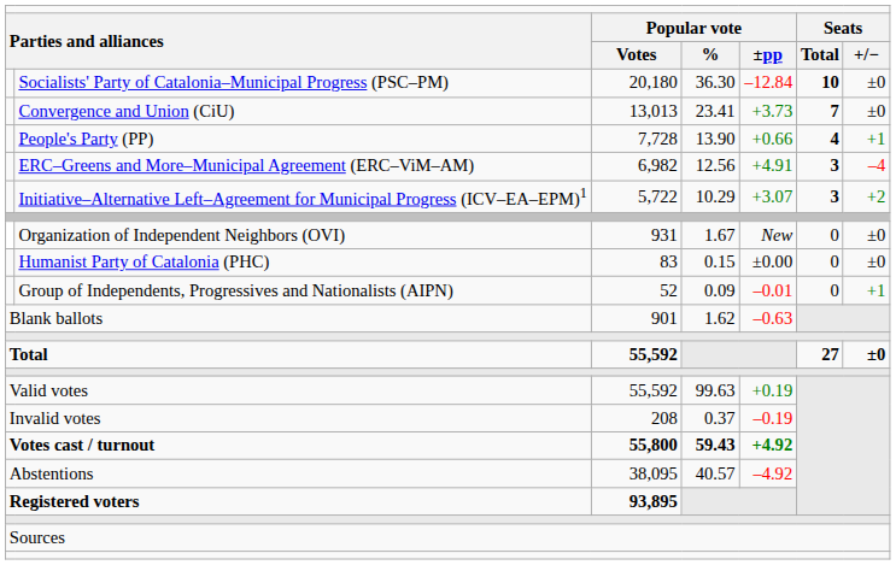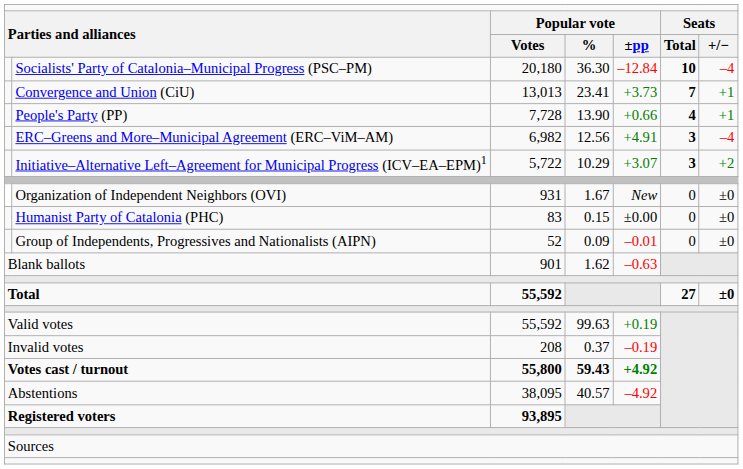 <table class="wikitable" style="text-align:right;">
 <tr>
 <td colspan="7"></td>
 </tr>
 <tr>
 <th style="text-align:left;" rowspan="2" colspan="2" width="525">Parties and alliances</th>
 <th colspan="3">Popular vote</th>
 <th colspan="2">Seats</th>
 </tr>
 <tr>
 <th width="75">Votes</th>
 <th width="45">%</th>
 <th width="45">±<a href='#'>pp</a></th>
 <th width="35">Total</th>
 <th width="35">+/−</th>
 </tr>
 <tr>
 <td width="1" style="color:inherit;background:"></td>
 <td align="left"><a href='#'>Socialists' Party of Catalonia–Municipal Progress</a> (PSC–PM)</td>
 <td>20,180</td>
 <td>36.30</td>
 <td style="color:red;">–12.84</td>
 <td><strong>10</strong></td>
-<td>±0</td>
+<td style="color:red;">–4</td>
 </tr>
 <tr>
 <td style="color:inherit;background:"></td>
 <td align="left"><a href='#'>Convergence and Union</a> (CiU)</td>
 <td>13,013</td>
 <td>23.41</td>
 <td style="color:green;">+3.73</td>
 <td><strong>7</strong></td>
-<td>±0</td>
+<td style="color:green;">+1</td>
 </tr>
 <tr>
 <td style="color:inherit;background:"></td>
 <td align="left"><a href='#'>People's Party</a> (PP)</td>
 <td>7,728</td>
 <td>13.90</td>
 <td style="color:green;">+0.66</td>
 <td><strong>4</strong></td>
 <td style="color:green;">+1</td>
 </tr>
 <tr>
 <td style="color:inherit;background:"></td>
 <td align="left"><a href='#'>ERC–Greens and More–Municipal Agreement</a> (ERC–ViM–AM)</td>
 <td>6,982</td>
 <td>12.56</td>
 <td style="color:green;">+4.91</td>
 <td><strong>3</strong></td>
 <td style="color:red;">–4</td>
 </tr>
 <tr>
 <td style="color:inherit;background:"></td>
 <td align="left"><a href='#'>Initiative–Alternative Left–Agreement for Municipal Progress</a> (ICV–EA–EPM)<sup>1</sup></td>
 <td>5,722</td>
 <td>10.29</td>
 <td style="color:green;">+3.07</td>
 <td><strong>3</strong></td>
 <td style="color:green;">+2</td>
 </tr>
 <tr>
 <td colspan="7" style="color:inherit;background:#C0C0C0"></td>
 </tr>
 <tr>
 <td bgcolor="white"></td>
 <td align="left">Organization of Independent Neighbors (OVI)</td>
 <td>931</td>
 <td>1.67</td>
 <td><em>New</em></td>
 <td>0</td>
 <td>±0</td>
 </tr>
 <tr>
 <td style="color:inherit;background:"></td>
 <td align="left"><a href='#'>Humanist Party of Catalonia</a> (PHC)</td>
 <td>83</td>
 <td>0.15</td>
 <td>±0.00</td>
 <td>0</td>
 <td>±0</td>
 </tr>
 <tr>
 <td style="color:inherit;background:"></td>
 <td align="left">Group of Independents, Progressives and Nationalists (AIPN)</td>
 <td>52</td>
 <td>0.09</td>
 <td style="color:red;">–0.01</td>
 <td>0</td>
-<td style="color:green;">+1</td>
+<td>±0</td>
 </tr>
 <tr>
 <td align="left" colspan="2">Blank ballots</td>
 <td>901</td>
 <td>1.62</td>
 <td style="color:red;">–0.63</td>
 <td style="color:inherit;background:#E9E9E9" colspan="2"></td>
 </tr>
 <tr>
 <td colspan="7" style="color:inherit;background:#E9E9E9"></td>
 </tr>
 <tr style="font-weight:bold;">
 <td align="left" colspan="2">Total</td>
 <td>55,592</td>
 <td bgcolor="#E9E9E9" colspan="2"></td>
 <td>27</td>
 <td>±0</td>
 </tr>
 <tr>
 <td colspan="7" style="color:inherit;background:#E9E9E9"></td>
 </tr>
 <tr>
 <td align="left" colspan="2">Valid votes</td>
 <td>55,592</td>
 <td>99.63</td>
 <td style="color:green;">+0.19</td>
 <td bgcolor="#E9E9E9" colspan="2" rowspan="5"></td>
 </tr>
 <tr>
 <td align="left" colspan="2">Invalid votes</td>
 <td>208</td>
 <td>0.37</td>
 <td style="color:red;">–0.19</td>
 </tr>
 <tr style="font-weight:bold;">
 <td align="left" colspan="2">Votes cast / turnout</td>
 <td>55,800</td>
 <td>59.43</td>
 <td style="color:green;">+4.92</td>
 </tr>
 <tr>
 <td align="left" colspan="2">Abstentions</td>
 <td>38,095</td>
 <td>40.57</td>
 <td style="color:red;">–4.92</td>
 </tr>
 <tr style="font-weight:bold;">
 <td align="left" colspan="2">Registered voters</td>
 <td>93,895</td>
 <td bgcolor="#E9E9E9" colspan="2"></td>
 </tr>
 <tr>
 <td colspan="7" style="color:inherit;background:#E9E9E9"></td>
 </tr>
 <tr>
 <td align="left" colspan="7">Sources</td>
 </tr>
 <tr>
 <td colspan="7" style="text-align:left; max-width:790px;"></td>
 </tr>
 </table>
